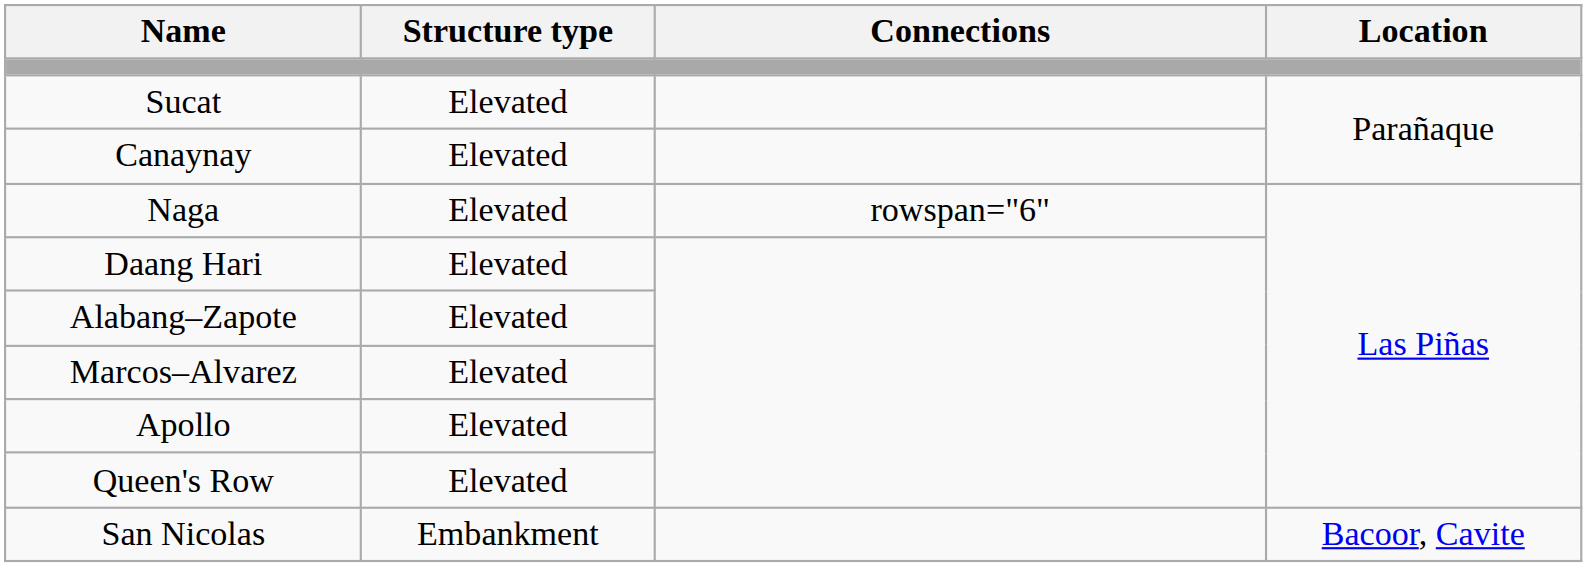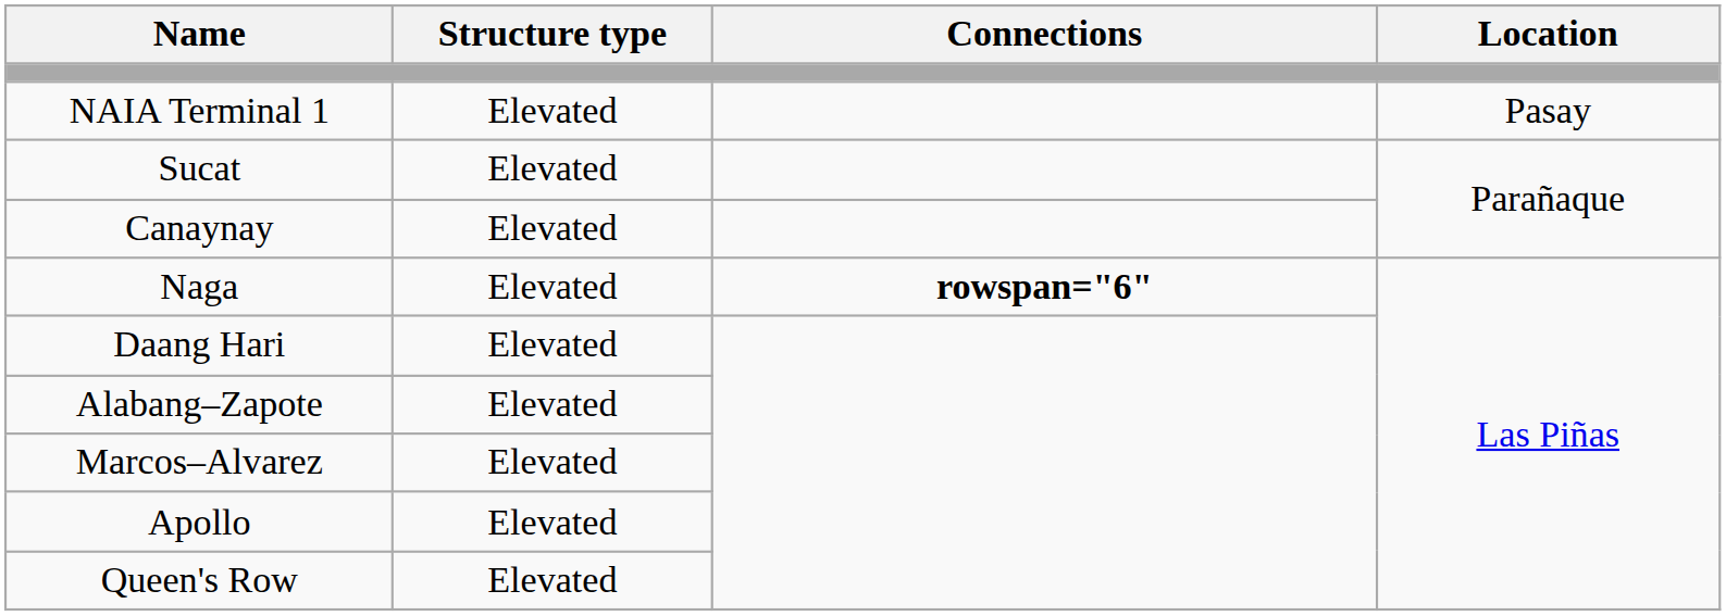 <table class="wikitable" style="text-align:center;">
 <tr>
 <th width=160px>Name</th>
 <th width=130px>Structure type</th>
 <th width=280px>Connections</th>
 <th width=140px>Location</th>
 </tr>
 <tr style = "background:#a9a9a9; height: 2pt">
 <td colspan="4"></td>
+</tr>
+<tr>
+<td>NAIA Terminal 1</td>
+<td>Elevated</td>
+<td style="text-align: left"><br></td>
+<td>Pasay</td>
 </tr>
 <tr>
 <td>Sucat</td>
 <td>Elevated</td>
 <td style="text-align: left"><br></td>
 <td rowspan=2>Parañaque</td>
 </tr>
 <tr>
 <td>Canaynay</td>
 <td>Elevated</td>
 <td style="text-align: left"></td>
 </tr>
 <tr>
 <td>Naga</td>
 <td>Elevated</td>
-<td>rowspan="6" </td>
+<td><strong>rowspan="6" </strong></td>
 <td rowspan=6><a href='#'>Las Piñas</a></td>
 </tr>
 <tr>
 <td>Daang Hari</td>
 <td>Elevated</td>
 </tr>
 <tr>
 <td>Alabang–Zapote</td>
 <td>Elevated</td>
 </tr>
 <tr>
 <td>Marcos–Alvarez</td>
 <td>Elevated</td>
 </tr>
 <tr>
 <td>Apollo</td>
 <td>Elevated</td>
 </tr>
 <tr>
 <td>Queen's Row</td>
 <td>Elevated</td>
 </tr>
-<tr>
-<td>San Nicolas</td>
-<td>Embankment</td>
-<td style="text-align: left"></td>
-<td><a href='#'>Bacoor</a>, <a href='#'>Cavite</a></td>
-</tr>
 </table>
